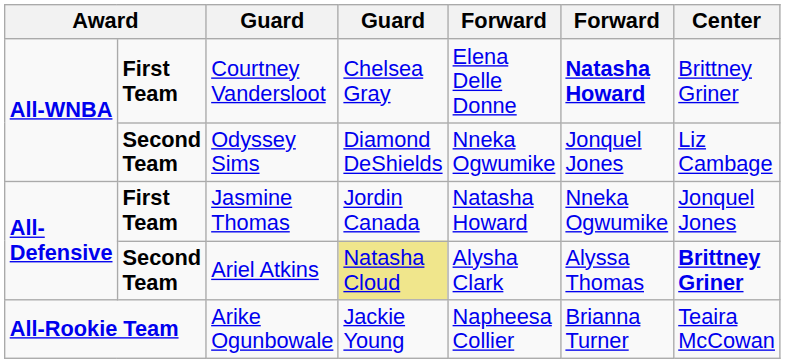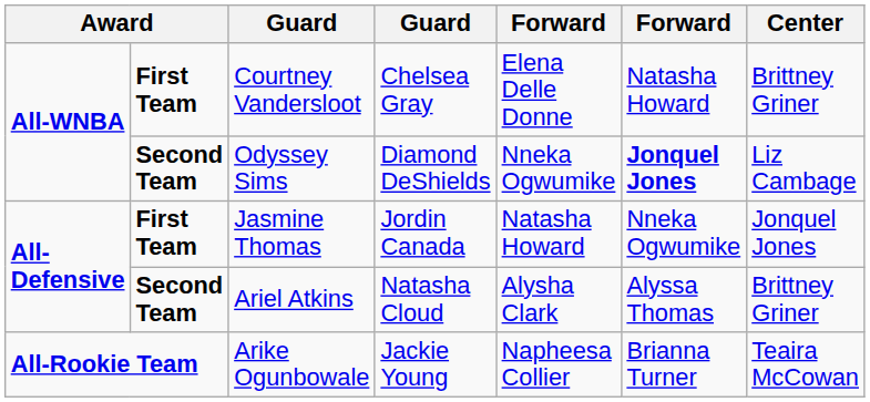 <table class="wikitable" style="width: 80%">
 <tr>
 <th colspan="2">Award</th>
 <th width=125>Guard</th>
 <th>Guard</th>
 <th>Forward</th>
 <th>Forward</th>
 <th>Center</th>
 </tr>
 <tr>
 <td rowspan="2"><strong><a href='#'>All-WNBA</a></strong></td>
 <td><strong>First Team</strong></td>
 <td><a href='#'>Courtney Vandersloot</a></td>
 <td><a href='#'>Chelsea Gray</a></td>
 <td><a href='#'>Elena Delle Donne</a></td>
-<td><strong><a href='#'>Natasha Howard</a></strong></td>
+<td><a href='#'>Natasha Howard</a></td>
 <td><a href='#'>Brittney Griner</a></td>
 </tr>
 <tr>
 <td><strong>Second Team</strong></td>
 <td><a href='#'>Odyssey Sims</a></td>
 <td><a href='#'>Diamond DeShields</a></td>
 <td><a href='#'>Nneka Ogwumike</a></td>
-<td><a href='#'>Jonquel Jones</a></td>
+<td><strong><a href='#'>Jonquel Jones</a></strong></td>
 <td><a href='#'>Liz Cambage</a></td>
 </tr>
 <tr>
 <td rowspan="2"><strong><a href='#'>All-Defensive</a></strong></td>
 <td><strong>First Team</strong></td>
 <td><a href='#'>Jasmine Thomas</a></td>
 <td><a href='#'>Jordin Canada</a></td>
 <td><a href='#'>Natasha Howard</a></td>
 <td><a href='#'>Nneka Ogwumike</a></td>
 <td><a href='#'>Jonquel Jones</a></td>
 </tr>
 <tr>
 <td><strong>Second Team</strong></td>
 <td><a href='#'>Ariel Atkins</a></td>
-<td style="background: khaki;"><a href='#'>Natasha Cloud</a></td>
+<td><a href='#'>Natasha Cloud</a></td>
 <td><a href='#'>Alysha Clark</a></td>
 <td><a href='#'>Alyssa Thomas</a></td>
-<td><strong><a href='#'>Brittney Griner</a></strong></td>
+<td><a href='#'>Brittney Griner</a></td>
 </tr>
 <tr>
 <td colspan="2"><strong><a href='#'>All-Rookie Team</a></strong></td>
 <td><a href='#'>Arike Ogunbowale</a></td>
 <td><a href='#'>Jackie Young</a></td>
 <td><a href='#'>Napheesa Collier</a></td>
 <td><a href='#'>Brianna Turner</a></td>
 <td><a href='#'>Teaira McCowan</a></td>
 </tr>
 </table>
